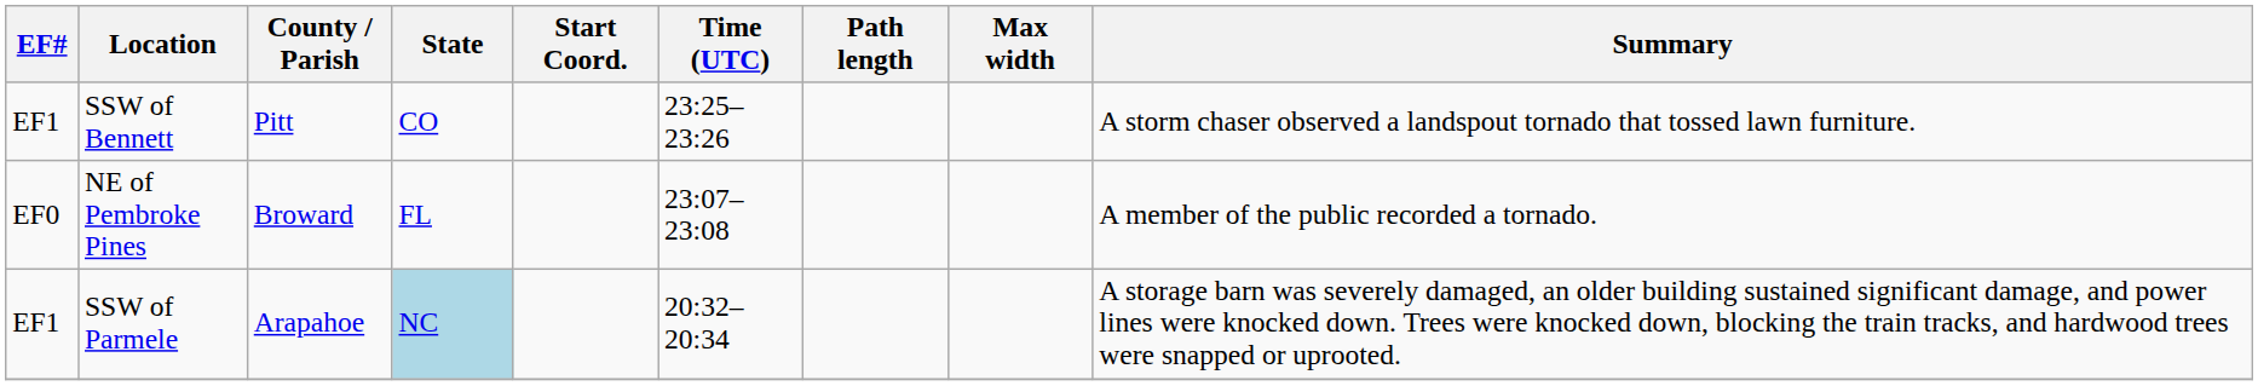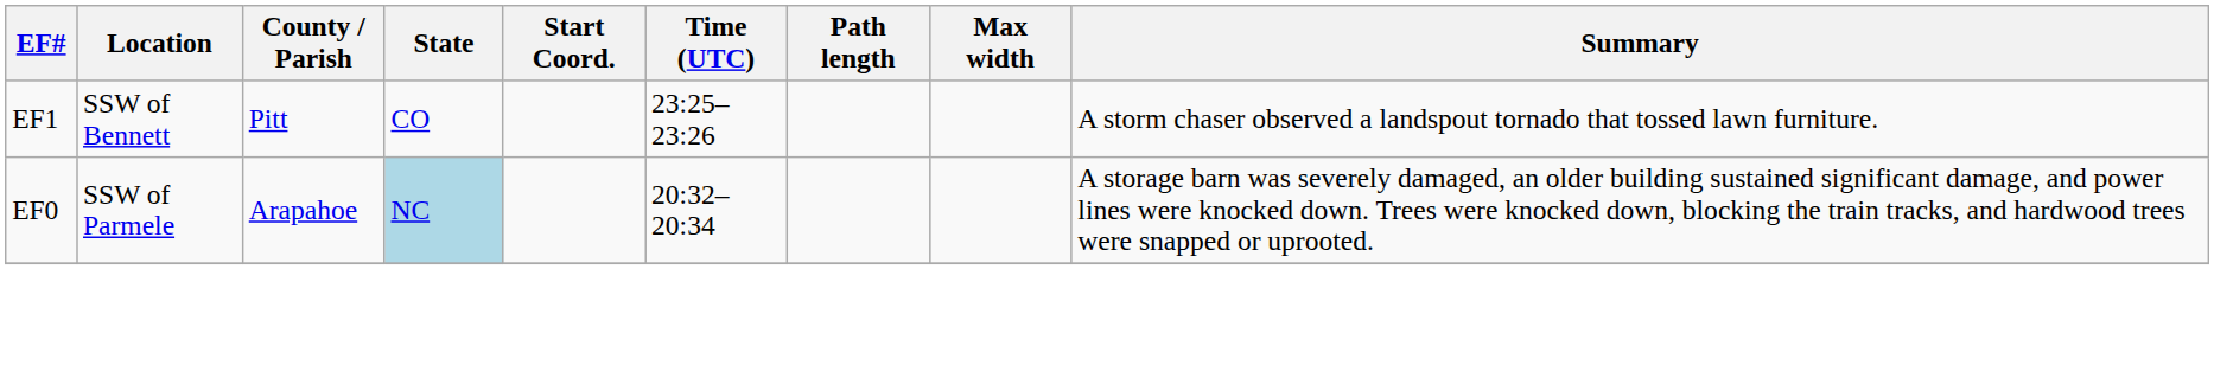 <table class="wikitable sortable" style="width:100%;">
 <tr>
 <th scope="col"  style="width:3%; text-align:center;"><a href='#'>EF#</a></th>
 <th scope="col"  style="width:7%; text-align:center;" class="unsortable">Location</th>
 <th scope="col"  style="width:6%; text-align:center;" class="unsortable">County / Parish</th>
 <th scope="col"  style="width:5%; text-align:center;">State</th>
 <th scope="col"  style="width:6%; text-align:center;">Start Coord.</th>
 <th scope="col"  style="width:6%; text-align:center;">Time (<a href='#'>UTC</a>)</th>
 <th scope="col"  style="width:6%; text-align:center;">Path length</th>
 <th scope="col"  style="width:6%; text-align:center;">Max width</th>
 <th scope="col" class="unsortable" style="width:48%; text-align:center;">Summary</th>
 </tr>
 <tr>
 <td>EF1</td>
 <td>SSW of <a href='#'>Bennett</a></td>
 <td><a href='#'>Pitt</a></td>
 <td><a href='#'>CO</a></td>
 <td></td>
 <td>23:25–23:26</td>
 <td></td>
 <td></td>
 <td>A storm chaser observed a landspout tornado that tossed lawn furniture.</td>
 </tr>
 <tr>
 <td>EF0</td>
-<td>NE of <a href='#'>Pembroke Pines</a></td>
-<td><a href='#'>Broward</a></td>
-<td><a href='#'>FL</a></td>
-<td></td>
-<td>23:07–23:08</td>
-<td></td>
-<td></td>
-<td>A member of the public recorded a tornado.</td>
-</tr>
-<tr>
-<td>EF1</td>
 <td>SSW of <a href='#'>Parmele</a></td>
 <td><a href='#'>Arapahoe</a></td>
 <td style="background: lightblue;"><a href='#'>NC</a></td>
 <td></td>
 <td>20:32–20:34</td>
 <td></td>
 <td></td>
 <td>A storage barn was severely damaged, an older building sustained significant damage, and power lines were knocked down. Trees were knocked down, blocking the train tracks, and hardwood trees were snapped or uprooted.</td>
 </tr>
 <tr>
 </tr>
 </table>
